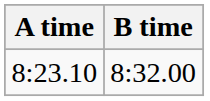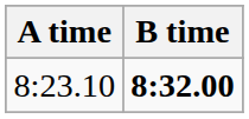 <table class="wikitable" border="1" align="upright">
 <tr>
 <th>A time</th>
 <th>B time</th>
 </tr>
 <tr>
 <td>8:23.10</td>
-<td>8:32.00</td>
+<td><strong>8:32.00</strong></td>
 </tr>
 </table>
